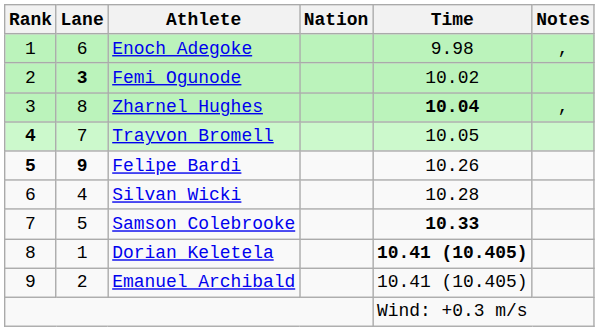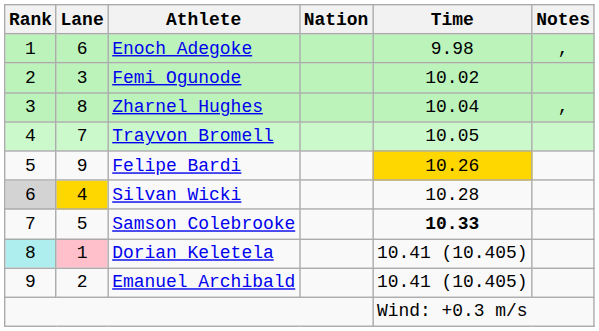 <table class="wikitable sortable" style="text-align:center;">
 <tr>
 <th>Rank</th>
 <th>Lane</th>
 <th>Athlete</th>
 <th>Nation</th>
 <th>Time</th>
 <th>Notes</th>
 </tr>
 <tr bgcolor=#bbf3bb>
 <td>1</td>
 <td>6</td>
 <td align="left"><a href='#'>Enoch Adegoke</a></td>
 <td align="left"></td>
 <td>9.98</td>
 <td>, </td>
 </tr>
 <tr bgcolor=#bbf3bb>
 <td>2</td>
-<td><strong>3</strong></td>
+<td>3</td>
 <td align="left"><a href='#'>Femi Ogunode</a></td>
 <td align="left"></td>
 <td>10.02</td>
 <td></td>
 </tr>
 <tr bgcolor=#bbf3bb>
 <td>3</td>
 <td>8</td>
 <td align="left"><a href='#'>Zharnel Hughes</a></td>
 <td align="left"></td>
-<td><strong>10.04</strong></td>
+<td>10.04</td>
 <td>, </td>
 </tr>
 <tr bgcolor=ccf9cc>
-<td><strong>4</strong></td>
+<td>4</td>
 <td>7</td>
 <td align="left"><a href='#'>Trayvon Bromell</a></td>
 <td align="left"></td>
 <td>10.05</td>
 <td></td>
 </tr>
 <tr>
-<td><strong>5</strong></td>
-<td><strong>9</strong></td>
+<td>5</td>
+<td>9</td>
 <td align="left"><a href='#'>Felipe Bardi</a></td>
 <td align="left"></td>
-<td>10.26</td>
+<td style="background: gold;">10.26</td>
 <td></td>
 </tr>
 <tr>
-<td>6</td>
-<td>4</td>
+<td style="background: lightgrey;">6</td>
+<td style="background: gold;">4</td>
 <td align="left"><a href='#'>Silvan Wicki</a></td>
 <td align="left"></td>
 <td>10.28</td>
 <td></td>
 </tr>
 <tr>
 <td>7</td>
 <td>5</td>
 <td align="left"><a href='#'>Samson Colebrooke</a></td>
 <td align="left"></td>
 <td><strong>10.33</strong></td>
 <td></td>
 </tr>
 <tr>
-<td>8</td>
-<td>1</td>
+<td style="background: paleturquoise;">8</td>
+<td style="background: pink;">1</td>
 <td align="left"><a href='#'>Dorian Keletela</a></td>
 <td align="left"></td>
-<td><strong>10.41 (10.405)</strong></td>
+<td>10.41 (10.405)</td>
 <td></td>
 </tr>
 <tr>
 <td>9</td>
 <td>2</td>
 <td align="left"><a href='#'>Emanuel Archibald</a></td>
 <td align="left"></td>
 <td>10.41 (10.405)</td>
 </tr>
 <tr class="sortbottom">
 <td colspan=4></td>
 <td colspan="3" style="text-align:left;">Wind: +0.3 m/s</td>
 </tr>
 </table>
